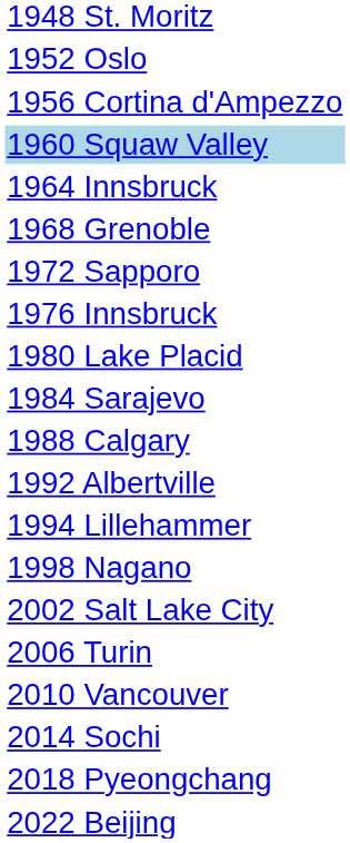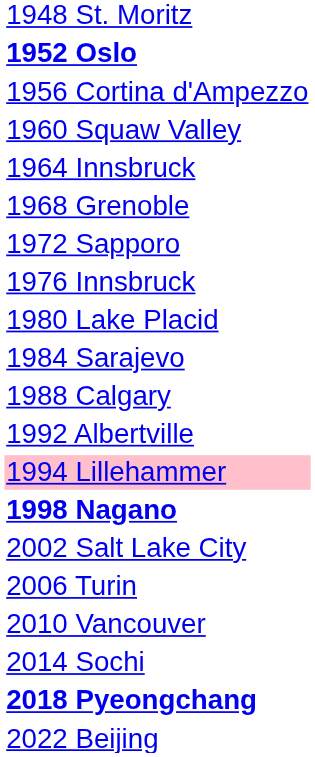 <table>
 <tr>
 <td><a href='#'>1948 St. Moritz</a><br></td>
 <td></td>
 <td></td>
 <td></td>
 </tr>
 <tr>
-<td><a href='#'>1952 Oslo</a><br></td>
+<td><strong><a href='#'>1952 Oslo</a><br></strong></td>
 <td></td>
 <td></td>
 <td></td>
 </tr>
 <tr>
 <td><a href='#'>1956 Cortina d'Ampezzo</a><br></td>
 <td></td>
 <td></td>
 <td></td>
 </tr>
 <tr>
-<td style="background: lightblue;"><a href='#'>1960 Squaw Valley</a><br></td>
+<td><a href='#'>1960 Squaw Valley</a><br></td>
 <td></td>
 <td></td>
 <td></td>
 </tr>
 <tr>
 <td><a href='#'>1964 Innsbruck</a><br></td>
 <td></td>
 <td></td>
 <td></td>
 </tr>
 <tr>
 <td><a href='#'>1968 Grenoble</a><br></td>
 <td></td>
 <td></td>
 <td></td>
 </tr>
 <tr>
 <td><a href='#'>1972 Sapporo</a><br></td>
 <td></td>
 <td></td>
 <td></td>
 </tr>
 <tr>
 <td><a href='#'>1976 Innsbruck</a><br></td>
 <td></td>
 <td></td>
 <td></td>
 </tr>
 <tr>
 <td><a href='#'>1980 Lake Placid</a><br></td>
 <td></td>
 <td></td>
 <td></td>
 </tr>
 <tr>
 <td><a href='#'>1984 Sarajevo</a><br></td>
 <td></td>
 <td></td>
 <td></td>
 </tr>
 <tr>
 <td><a href='#'>1988 Calgary</a><br></td>
 <td></td>
 <td></td>
 <td></td>
 </tr>
 <tr>
 <td><a href='#'>1992 Albertville</a><br></td>
 <td></td>
 <td></td>
 <td></td>
 </tr>
 <tr>
-<td><a href='#'>1994 Lillehammer</a><br></td>
+<td style="background: pink;"><a href='#'>1994 Lillehammer</a><br></td>
 <td></td>
 <td></td>
 <td></td>
 </tr>
 <tr>
-<td><a href='#'>1998 Nagano</a><br></td>
+<td><strong><a href='#'>1998 Nagano</a><br></strong></td>
 <td></td>
 <td></td>
 <td></td>
 </tr>
 <tr>
 <td><a href='#'>2002 Salt Lake City</a><br></td>
 <td></td>
 <td></td>
 <td></td>
 </tr>
 <tr>
 <td><a href='#'>2006 Turin</a><br></td>
 <td></td>
 <td></td>
 <td></td>
 </tr>
 <tr>
 <td><a href='#'>2010 Vancouver</a><br></td>
 <td></td>
 <td></td>
 <td></td>
 </tr>
 <tr>
 <td><a href='#'>2014 Sochi</a><br></td>
 <td></td>
 <td></td>
 <td></td>
 </tr>
 <tr>
-<td><a href='#'>2018 Pyeongchang</a><br></td>
+<td><strong><a href='#'>2018 Pyeongchang</a><br></strong></td>
 <td></td>
 <td></td>
 <td></td>
 </tr>
 <tr>
 <td><a href='#'>2022 Beijing</a> <br></td>
 <td></td>
 <td></td>
 <td></td>
 </tr>
 <tr>
 </tr>
 </table>
